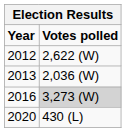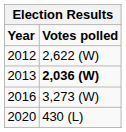 <table class="wikitable" id="toc" : left; margin-left: 2em; width: 40%; font-size: 90%;"cellspacing="3">
 <tr>
 <th colspan="4"><strong>Election Results</strong></th>
 </tr>
 <tr>
 <td><strong>Year</strong></td>
 <td><strong>Votes polled</strong></td>
 </tr>
 <tr>
 <td>2012</td>
 <td>2,622 (W)</td>
 </tr>
 <tr>
 <td>2013</td>
-<td>2,036 (W)</td>
+<td><strong>2,036 (W)</strong></td>
 </tr>
 <tr>
 <td>2016</td>
-<td style="background: lightgrey;">3,273 (W)</td>
+<td>3,273 (W)</td>
 </tr>
 <tr>
 <td>2020</td>
 <td>430 (L)</td>
 </tr>
 </table>
